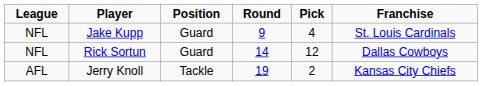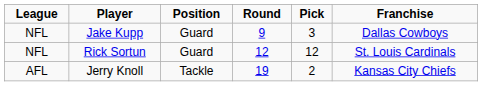 <table class="wikitable" width="50%">
 <tr align="center">
 <td><strong>League</strong></td>
 <td><strong>Player</strong></td>
 <td><strong>Position</strong></td>
 <td><strong>Round</strong></td>
 <td><strong>Pick</strong></td>
 <td><strong>Franchise</strong></td>
 </tr>
 <tr align="center" bgcolor="">
 <td>NFL</td>
 <td><a href='#'>Jake Kupp</a></td>
 <td>Guard</td>
 <td><a href='#'>9</a></td>
-<td>4</td>
-<td><a href='#'>St. Louis Cardinals</a></td>
+<td>3</td>
+<td><a href='#'>Dallas Cowboys</a></td>
 </tr>
 <tr align="center" bgcolor="">
 <td>NFL</td>
 <td><a href='#'>Rick Sortun</a></td>
 <td>Guard</td>
-<td><a href='#'>14</a></td>
+<td><a href='#'>12</a></td>
 <td>12</td>
-<td><a href='#'>Dallas Cowboys</a></td>
+<td><a href='#'>St. Louis Cardinals</a></td>
 </tr>
 <tr align="center" bgcolor="">
 <td>AFL</td>
 <td>Jerry Knoll</td>
 <td>Tackle</td>
 <td><a href='#'>19</a></td>
 <td>2</td>
 <td><a href='#'>Kansas City Chiefs</a></td>
 </tr>
 </table>
